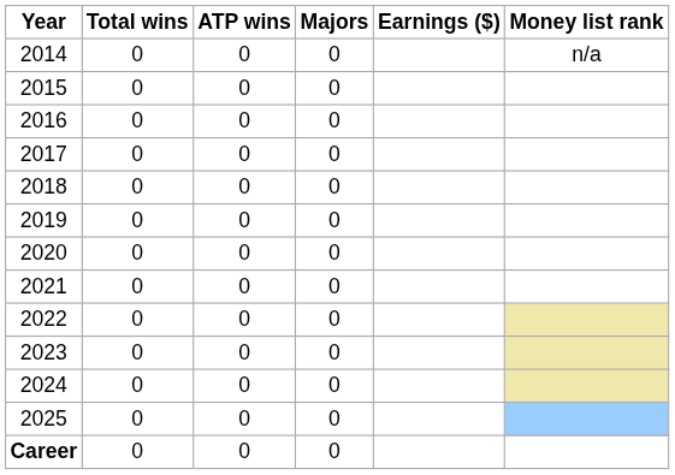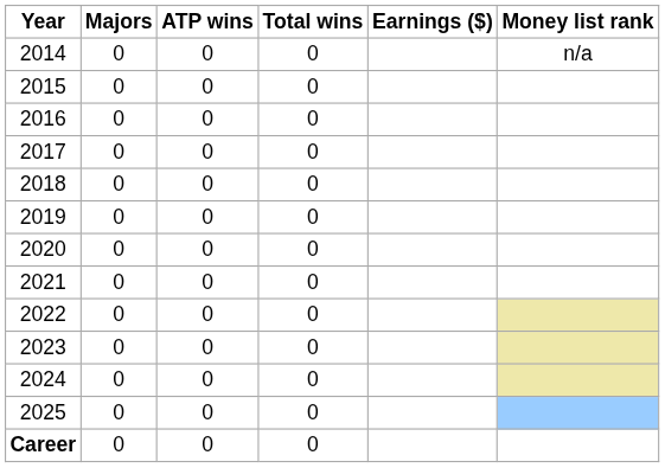 <table cellpadding=3 cellspacing=0 border=1 style=font-size:100%;border:#aaa;solid:1;border-collapse:collapse;text-align:center>
 <tr>
 <th>Year</th>
+<th>Majors</th>
+<th>ATP wins</th>
 <th>Total wins</th>
-<th>ATP wins</th>
-<th>Majors</th>
 <th>Earnings ($)</th>
 <th>Money list rank</th>
 </tr>
 <tr>
 <td>2014</td>
 <td>0</td>
 <td>0</td>
 <td>0</td>
 <td align=right></td>
 <td>n/a</td>
 </tr>
 <tr>
 <td>2015</td>
 <td>0</td>
 <td>0</td>
 <td>0</td>
 <td align=right></td>
 <td></td>
 </tr>
 <tr>
 <td>2016</td>
 <td>0</td>
 <td>0</td>
 <td>0</td>
 <td align=right></td>
 <td></td>
 </tr>
 <tr>
 <td>2017</td>
 <td>0</td>
 <td>0</td>
 <td>0</td>
 <td align=right></td>
 <td></td>
 </tr>
 <tr>
 <td>2018</td>
 <td>0</td>
 <td>0</td>
 <td>0</td>
 <td align=right></td>
 <td></td>
 </tr>
 <tr>
 <td>2019</td>
 <td>0</td>
 <td>0</td>
 <td>0</td>
 <td align=right></td>
 <td></td>
 </tr>
 <tr>
 <td>2020</td>
 <td>0</td>
 <td>0</td>
 <td>0</td>
 <td align=right></td>
 <td></td>
 </tr>
 <tr>
 <td>2021</td>
 <td>0</td>
 <td>0</td>
 <td>0</td>
 <td align=right></td>
 <td></td>
 </tr>
 <tr>
 <td>2022</td>
 <td>0</td>
 <td>0</td>
 <td>0</td>
 <td align=right></td>
 <td style=background:#eee8aa></td>
 </tr>
 <tr>
 <td>2023</td>
 <td>0</td>
 <td>0</td>
 <td>0</td>
 <td align=right></td>
 <td style=background:#eee8aa></td>
 </tr>
 <tr>
 <td>2024</td>
 <td>0</td>
 <td>0</td>
 <td>0</td>
 <td align=right></td>
 <td style=background:#eee8aa></td>
 </tr>
 <tr>
 <td>2025</td>
 <td>0</td>
 <td>0</td>
 <td>0</td>
 <td align=right></td>
 <td style=background:#9cf></td>
 </tr>
 <tr>
 <td><strong>Career</strong></td>
 <td>0</td>
 <td>0</td>
 <td>0</td>
 <td></td>
 <td></td>
 </tr>
 </table>
